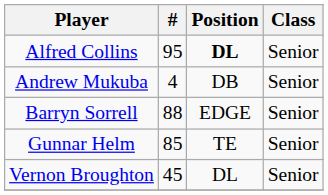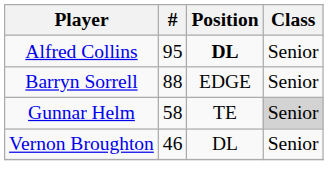 <table class="wikitable sortable" style="text-align:center">
 <tr>
 <th>Player</th>
 <th>#</th>
 <th>Position</th>
 <th>Class</th>
 </tr>
 <tr>
 <td><a href='#'>Alfred Collins</a></td>
 <td>95</td>
 <td><strong>DL</strong></td>
 <td>Senior</td>
 </tr>
 <tr>
-<td><a href='#'>Andrew Mukuba</a></td>
-<td>4</td>
-<td>DB</td>
-<td>Senior</td>
-</tr>
-<tr>
 <td><a href='#'>Barryn Sorrell</a></td>
 <td>88</td>
 <td>EDGE</td>
 <td>Senior</td>
 </tr>
 <tr>
 <td><a href='#'>Gunnar Helm</a></td>
-<td>85</td>
+<td>58</td>
 <td>TE</td>
-<td>Senior</td>
+<td style="background: lightgrey;">Senior</td>
 </tr>
 <tr>
 <td><a href='#'>Vernon Broughton</a></td>
-<td>45</td>
+<td>46</td>
 <td>DL</td>
 <td>Senior</td>
 </tr>
 <tr>
 </tr>
 </table>
